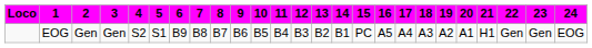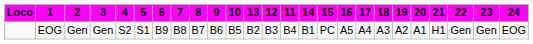 <table class="wikitable plainrowheaders unsortable" style="text-align:center">
 <tr>
 <th scope="col" rowspan="1" style="background:magenta;">Loco</th>
 <th scope="col" rowspan="1" style="background:magenta;">1</th>
 <th scope="col" rowspan="1" style="background:magenta;">2</th>
 <th scope="col" rowspan="1" style="background:magenta;">3</th>
 <th scope="col" rowspan="1" style="background:magenta;">4</th>
 <th scope="col" rowspan="1" style="background:magenta;">5</th>
 <th scope="col" rowspan="1" style="background:magenta;">6</th>
 <th scope="col" rowspan="1" style="background:magenta;">7</th>
 <th scope="col" rowspan="1" style="background:magenta;">8</th>
 <th scope="col" rowspan="1" style="background:magenta;">9</th>
 <th scope="col" rowspan="1" style="background:magenta;">10</th>
+<th scope="col" rowspan="1" style="background:magenta;">13</th>
+<th scope="col" rowspan="1" style="background:magenta;">12</th>
 <th scope="col" rowspan="1" style="background:magenta;">11</th>
-<th scope="col" rowspan="1" style="background:magenta;">12</th>
-<th scope="col" rowspan="1" style="background:magenta;">13</th>
 <th scope="col" rowspan="1" style="background:magenta;">14</th>
 <th scope="col" rowspan="1" style="background:magenta;">15</th>
 <th scope="col" rowspan="1" style="background:magenta;">16</th>
 <th scope="col" rowspan="1" style="background:magenta;">17</th>
 <th scope="col" rowspan="1" style="background:magenta;">18</th>
 <th scope="col" rowspan="1" style="background:magenta;">19</th>
 <th scope="col" rowspan="1" style="background:magenta;">20</th>
 <th scope="col" rowspan="1" style="background:magenta;">21</th>
 <th scope="col" rowspan="1" style="background:magenta;">22</th>
 <th scope="col" rowspan="1" style="background:magenta;">23</th>
 <th scope="col" rowspan="1" style="background:magenta;">24</th>
 </tr>
 <tr>
 <td></td>
 <td>EOG</td>
 <td>Gen</td>
 <td>Gen</td>
 <td>S2</td>
 <td>S1</td>
 <td>B9</td>
 <td>B8</td>
 <td>B7</td>
 <td>B6</td>
 <td>B5</td>
+<td>B2</td>
+<td>B3</td>
 <td>B4</td>
-<td>B3</td>
-<td>B2</td>
 <td>B1</td>
 <td>PC</td>
 <td>A5</td>
 <td>A4</td>
 <td>A3</td>
 <td>A2</td>
 <td>A1</td>
 <td>H1</td>
 <td>Gen</td>
 <td>Gen</td>
 <td>EOG</td>
 </tr>
 </table>
